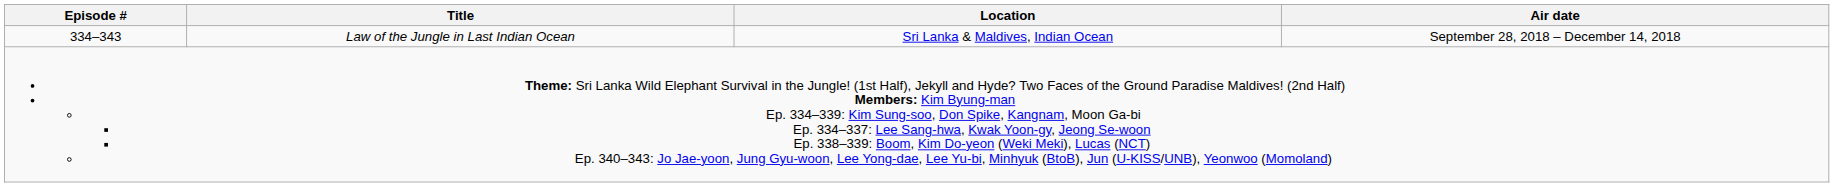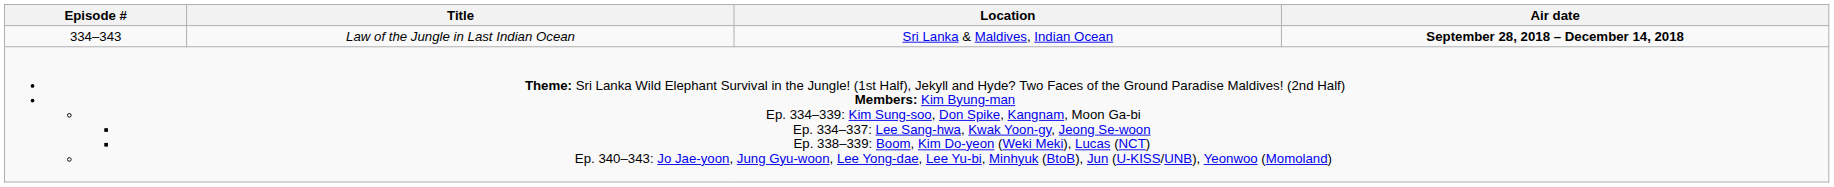 <table class="wikitable" style="text-align:center; font-size:90%; width:100%;">
 <tr>
 <th width="10%">Episode #</th>
 <th width="30%">Title</th>
 <th width="30%">Location</th>
 <th width="30%">Air date</th>
 </tr>
 <tr>
 <td>334–343</td>
 <td><em>Law of the Jungle in Last Indian Ocean</em></td>
 <td><a href='#'>Sri Lanka</a> & <a href='#'>Maldives</a>, <a href='#'>Indian Ocean</a></td>
-<td>September 28, 2018 – December 14, 2018</td>
+<td><strong>September 28, 2018 – December 14, 2018</strong></td>
 </tr>
 <tr>
 <td colspan="4"><br><ul><li><strong>Theme:</strong> Sri Lanka Wild Elephant Survival in the Jungle! (1st Half), Jekyll and Hyde? Two Faces of the Ground Paradise Maldives! (2nd Half)</li><li><strong>Members:</strong> <a href='#'>Kim Byung-man</a><ul><li>Ep. 334–339: <a href='#'>Kim Sung-soo</a>, <a href='#'>Don Spike</a>, <a href='#'>Kangnam</a>, Moon Ga-bi<ul><li>Ep. 334–337: <a href='#'>Lee Sang-hwa</a>, <a href='#'>Kwak Yoon-gy</a>, <a href='#'>Jeong Se-woon</a></li><li>Ep. 338–339: <a href='#'>Boom</a>, <a href='#'>Kim Do-yeon</a> (<a href='#'>Weki Meki</a>), <a href='#'>Lucas</a> (<a href='#'>NCT</a>)</li></ul></li><li>Ep. 340–343: <a href='#'>Jo Jae-yoon</a>, <a href='#'>Jung Gyu-woon</a>, <a href='#'>Lee Yong-dae</a>, <a href='#'>Lee Yu-bi</a>, <a href='#'>Minhyuk</a> (<a href='#'>BtoB</a>), <a href='#'>Jun</a> (<a href='#'>U-KISS</a>/<a href='#'>UNB</a>), <a href='#'>Yeonwoo</a> (<a href='#'>Momoland</a>)</li></ul></li></ul></td>
 </tr>
 </table>
